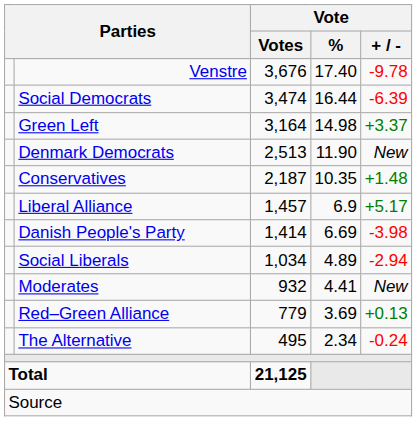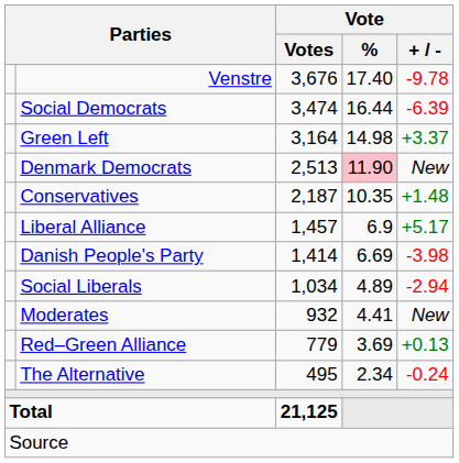 <table class="wikitable" style="text-align:right;">
 <tr>
 <th style="text-align:centre;" rowspan="2" colspan="2" width="225">Parties</th>
 <th colspan="3">Vote</th>
 </tr>
 <tr>
 <th width="15">Votes</th>
 <th width="15">%</th>
 <th width="15">+ / -</th>
 </tr>
 <tr>
 <td width=2 bgcolor=></td>
 <td><a href='#'>Venstre</a></td>
 <td>3,676</td>
 <td>17.40</td>
 <td style=color:red;>-9.78</td>
 </tr>
 <tr>
 <td width=2 bgcolor=></td>
 <td align=left><a href='#'>Social Democrats</a></td>
 <td>3,474</td>
 <td>16.44</td>
 <td style=color:red;>-6.39</td>
 </tr>
 <tr>
 <td width=2 bgcolor=></td>
 <td align=left><a href='#'>Green Left</a></td>
 <td>3,164</td>
 <td>14.98</td>
 <td style=color:green;>+3.37</td>
 </tr>
 <tr>
 <td width=2 bgcolor=></td>
 <td align=left><a href='#'>Denmark Democrats</a></td>
 <td>2,513</td>
-<td>11.90</td>
+<td style="background: pink;">11.90</td>
 <td><em>New</em></td>
 </tr>
 <tr>
 <td width=2 bgcolor=></td>
 <td align=left><a href='#'>Conservatives</a></td>
 <td>2,187</td>
 <td>10.35</td>
 <td style=color:green;>+1.48</td>
 </tr>
 <tr>
 <td width=2 bgcolor=></td>
 <td align=left><a href='#'>Liberal Alliance</a></td>
 <td>1,457</td>
 <td>6.9</td>
 <td style=color:green;>+5.17</td>
 </tr>
 <tr>
 <td width=2 bgcolor=></td>
 <td align=left><a href='#'>Danish People's Party</a></td>
 <td>1,414</td>
 <td>6.69</td>
 <td style=color:red;>-3.98</td>
 </tr>
 <tr>
 <td width=2 bgcolor=></td>
 <td align=left><a href='#'>Social Liberals</a></td>
 <td>1,034</td>
 <td>4.89</td>
 <td style=color:red;>-2.94</td>
 </tr>
 <tr>
 <td width=2 bgcolor=></td>
 <td align=left><a href='#'>Moderates</a></td>
 <td>932</td>
 <td>4.41</td>
 <td><em>New</em></td>
 </tr>
 <tr>
 <td width=2 bgcolor=></td>
 <td align=left><a href='#'>Red–Green Alliance</a></td>
 <td>779</td>
 <td>3.69</td>
 <td style=color:green;>+0.13</td>
 </tr>
 <tr>
 <td width=2 bgcolor=></td>
 <td align=left><a href='#'>The Alternative</a></td>
 <td>495</td>
 <td>2.34</td>
 <td style=color:red;>-0.24</td>
 </tr>
 <tr>
 <td colspan="7" bgcolor="#E9E9E9"></td>
 </tr>
 <tr>
 <td align="left" colspan="2"><strong>Total</strong></td>
 <td><strong>21,125</strong></td>
 <td bgcolor=#E9E9E9 colspan=2></td>
 </tr>
 <tr>
 <td align="left" colspan="6">Source</td>
 </tr>
 </table>
